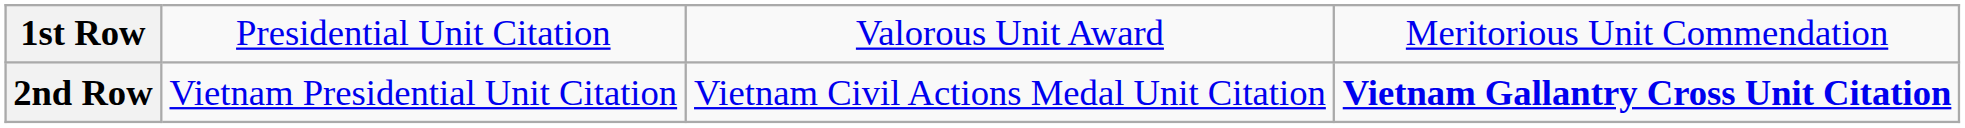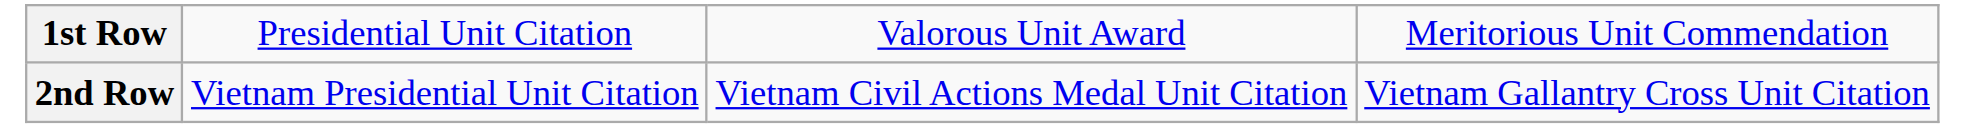 <table class="wikitable" style="margin-left: auto; margin-right: auto; text-align: center; margin-bottom: -1px;">
 <tr>
 <th>1st Row</th>
 <td><a href='#'>Presidential Unit Citation</a></td>
 <td><a href='#'>Valorous Unit Award</a></td>
 <td><a href='#'>Meritorious Unit Commendation</a></td>
 </tr>
 <tr>
 <th>2nd Row</th>
 <td><a href='#'>Vietnam Presidential Unit Citation</a></td>
 <td><a href='#'>Vietnam Civil Actions Medal Unit Citation</a></td>
-<td><strong><a href='#'>Vietnam Gallantry Cross Unit Citation</a></strong></td>
+<td><a href='#'>Vietnam Gallantry Cross Unit Citation</a></td>
 </tr>
 </table>
